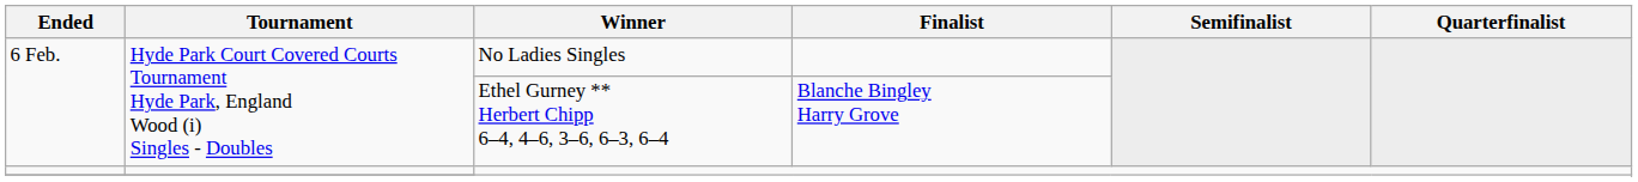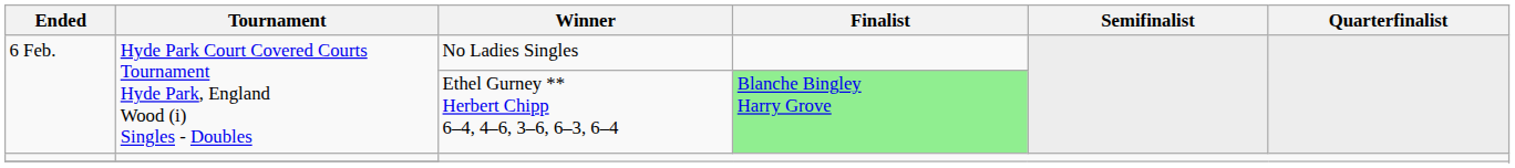 <table class="wikitable" style="font-size:85%;">
 <tr>
 <th width="75">Ended</th>
 <th width="230">Tournament</th>
 <th width="210">Winner</th>
 <th width="210">Finalist</th>
 <th width="170">Semifinalist</th>
 <th width="170">Quarterfinalist</th>
 </tr>
 <tr valign=top>
 <td rowspan=2>6 Feb.</td>
 <td rowspan=2><a href='#'>Hyde Park Court Covered Courts Tournament</a><br><a href='#'>Hyde Park</a>, England<br>Wood (i)<br><a href='#'>Singles</a> - <a href='#'>Doubles</a></td>
 <td>No Ladies Singles</td>
 <td></td>
 <td style="background:#ededed;" rowspan=2></td>
 <td style="background:#ededed;" rowspan=2></td>
 </tr>
 <tr valign=top>
 <td> Ethel Gurney **<br> <a href='#'>Herbert Chipp</a><br>6–4, 4–6, 3–6, 6–3, 6–4</td>
-<td> <a href='#'>Blanche Bingley</a><br> <a href='#'>Harry Grove</a></td>
+<td style="background: lightgreen;"> <a href='#'>Blanche Bingley</a><br> <a href='#'>Harry Grove</a></td>
 </tr>
 <tr valign=top>
 <td></td>
 <td></td>
 </tr>
 <tr valign=top>
 </tr>
 </table>
